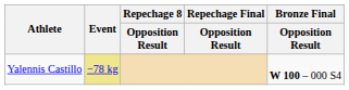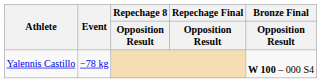 <table class="wikitable" style="font-size:90%">
 <tr>
 <th rowspan="2">Athlete</th>
 <th rowspan="2">Event</th>
 <th>Repechage 8</th>
 <th>Repechage Final</th>
 <th>Bronze Final</th>
 </tr>
 <tr>
 <th>Opposition<br>Result</th>
 <th>Opposition<br>Result</th>
 <th>Opposition<br>Result</th>
 </tr>
 <tr>
 <td><a href='#'>Yalennis Castillo</a></td>
-<td style="background: khaki;"><a href='#'>−78 kg</a></td>
+<td><a href='#'>−78 kg</a></td>
 <td align="center" bgcolor=wheat colspan=2></td>
 <td align=center><br><strong>W</strong> <strong>100</strong> – 000 S4<br></td>
 </tr>
 </table>
